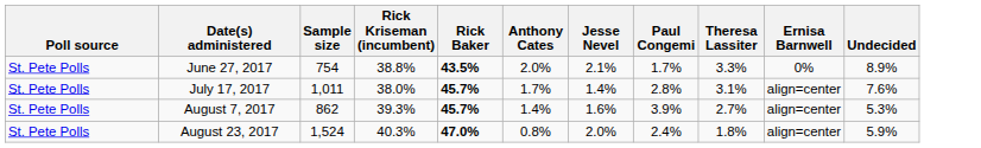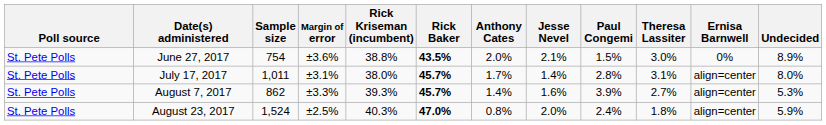 <table class="wikitable">
 <tr valign="bottom">
 <th style="width:175px;">Poll source</th>
 <th style="width:160px;">Date(s)<br>administered</th>
 <th class="small">Sample<br>size</th>
+<th><small>Margin of</small><br>error</th>
 <th style="width:70px;">Rick Kriseman (incumbent)</th>
 <th style="width:70px;">Rick Baker</th>
 <th style="width:70px;">Anthony Cates</th>
 <th style="width:70px;">Jesse Nevel</th>
 <th style="width:70px;">Paul Congemi</th>
 <th style="width:70px;">Theresa Lassiter</th>
 <th style="width:70px;">Ernisa Barnwell</th>
 <th>Undecided</th>
 </tr>
 <tr>
 <td><a href='#'>St. Pete Polls</a></td>
 <td align="center">June 27, 2017</td>
 <td align="center">754</td>
+<td align="center">±3.6%</td>
 <td align="center">38.8%</td>
 <td><strong>43.5%</strong></td>
 <td align="center">2.0%</td>
 <td align="center">2.1%</td>
-<td align="center">1.7%</td>
-<td align="center">3.3%</td>
+<td align="center">1.5%</td>
+<td align="center">3.0%</td>
 <td align="center">0%</td>
 <td align="center">8.9%</td>
 </tr>
 <tr>
 <td><a href='#'>St. Pete Polls</a></td>
 <td align="center">July 17, 2017</td>
 <td align="center">1,011</td>
+<td align="center">±3.1%</td>
 <td align="center">38.0%</td>
 <td><strong>45.7%</strong></td>
 <td align="center">1.7%</td>
 <td align="center">1.4%</td>
 <td align="center">2.8%</td>
 <td align="center">3.1%</td>
 <td>align=center </td>
-<td align="center">7.6%</td>
+<td align="center">8.0%</td>
 </tr>
 <tr>
 <td><a href='#'>St. Pete Polls</a></td>
 <td align="center">August 7, 2017</td>
 <td align="center">862</td>
+<td align="center">±3.3%</td>
 <td align="center">39.3%</td>
 <td><strong>45.7%</strong></td>
 <td align="center">1.4%</td>
 <td align="center">1.6%</td>
 <td align="center">3.9%</td>
 <td align="center">2.7%</td>
 <td>align=center </td>
 <td align="center">5.3%</td>
 </tr>
 <tr>
 <td><a href='#'>St. Pete Polls</a></td>
 <td align="center">August 23, 2017</td>
 <td align="center">1,524</td>
+<td align="center">±2.5%</td>
 <td align="center">40.3%</td>
 <td><strong>47.0%</strong></td>
 <td align="center">0.8%</td>
 <td align="center">2.0%</td>
 <td align="center">2.4%</td>
 <td align="center">1.8%</td>
 <td>align=center </td>
 <td align="center">5.9%</td>
 </tr>
 </table>
